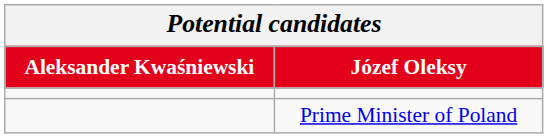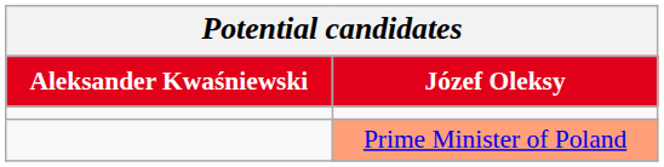 <table class="wikitable" style="font-size:90%;">
 <tr>
 <th colspan="11" style="text-align:center; width:150px; font-size:120%; color:black;"><em>Potential candidates</em></th>
 </tr>
 <tr style="text-align:center">
 <th scope="col" style="width:10em; font-size:120%; background:#E2001A; color:white;"><small>Aleksander Kwaśniewski</small></th>
 <th scope="col" style="width:10em; font-size:120%; background:#E2001A; color:white;"><small>Józef Oleksy</small></th>
 </tr>
 <tr style="text-align:center">
 <td style="text-align:center"></td>
 <td style="text-align:center"></td>
 </tr>
 <tr style="text-align:center">
 <td><br></td>
-<td><a href='#'>Prime Minister of Poland</a><br></td>
+<td style="background: lightsalmon;"><a href='#'>Prime Minister of Poland</a><br></td>
 </tr>
 </table>
